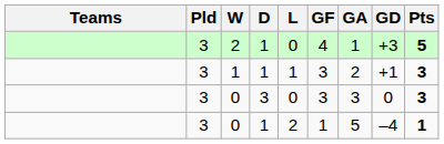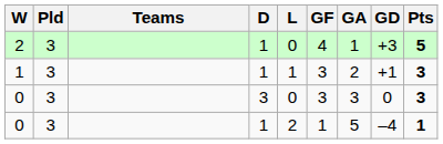 <table class="wikitable" style="text-align: center;">
 <tr>
+<th width=20>W</th>
+<th width=20>Pld</th>
 <th width=165>Teams</th>
-<th width=20>Pld</th>
-<th width=20>W</th>
 <th width=20>D</th>
 <th width=20>L</th>
 <th width=20>GF</th>
 <th width=20>GA</th>
 <th width=20>GD</th>
 <th width=20>Pts</th>
 </tr>
 <tr align=center style="background:#ccffcc;">
+<td>2</td>
+<td>3</td>
 <td style="text-align:left;"></td>
-<td>3</td>
-<td>2</td>
 <td>1</td>
 <td>0</td>
 <td>4</td>
 <td>1</td>
 <td>+3</td>
 <td><strong>5</strong></td>
 </tr>
 <tr>
+<td>1</td>
+<td>3</td>
 <td style="text-align:left;"></td>
-<td>3</td>
-<td>1</td>
 <td>1</td>
 <td>1</td>
 <td>3</td>
 <td>2</td>
 <td>+1</td>
 <td><strong>3</strong></td>
 </tr>
 <tr align=center>
+<td>0</td>
+<td>3</td>
 <td style="text-align:left;"></td>
-<td>3</td>
-<td>0</td>
 <td>3</td>
 <td>0</td>
 <td>3</td>
 <td>3</td>
 <td>0</td>
 <td><strong>3</strong></td>
 </tr>
 <tr align=center>
+<td>0</td>
+<td>3</td>
 <td style="text-align:left;"></td>
-<td>3</td>
-<td>0</td>
 <td>1</td>
 <td>2</td>
 <td>1</td>
 <td>5</td>
 <td>–4</td>
 <td><strong>1</strong></td>
 </tr>
 </table>
